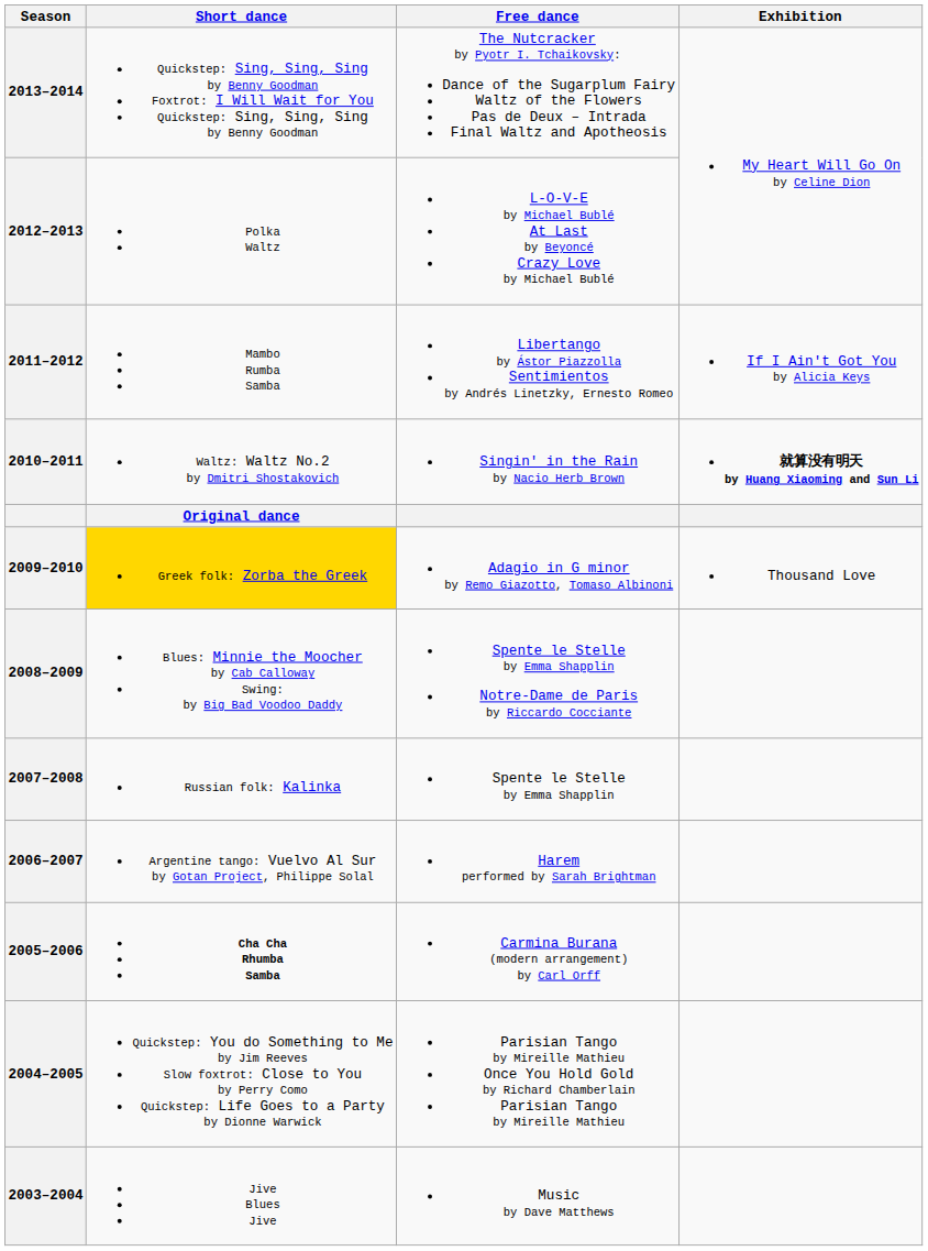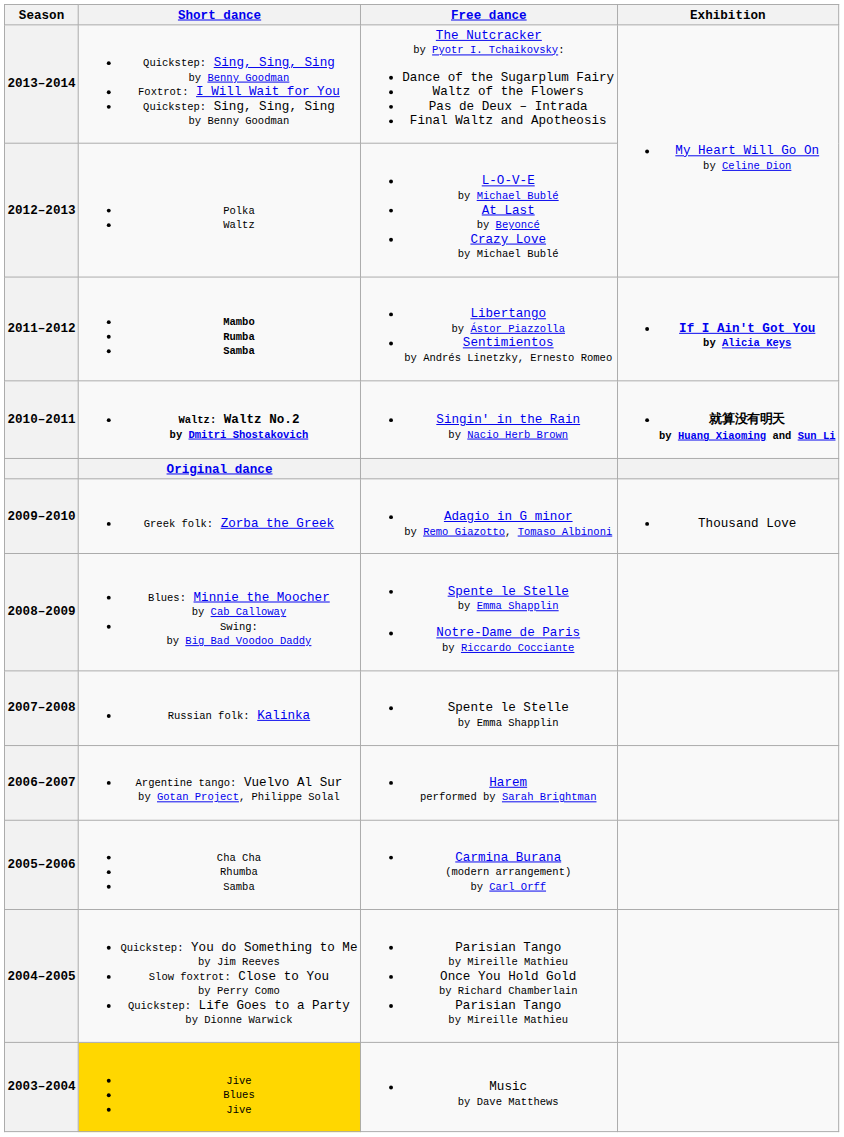 <table class="wikitable" style="text-align:center">
 <tr>
 <th>Season</th>
 <th><a href='#'>Short dance</a></th>
 <th><a href='#'>Free dance</a></th>
 <th>Exhibition</th>
 </tr>
 <tr>
 <th>2013–2014 <br> </th>
 <td><br><ul><li><small>Quickstep:</small> <a href='#'>Sing, Sing, Sing</a> <br><small> by <a href='#'>Benny Goodman</a> </small></li><li><small>Foxtrot:</small> <a href='#'>I Will Wait for You</a></li><li><small>Quickstep:</small> Sing, Sing, Sing <br><small> by Benny Goodman </small></li></ul></td>
 <td><a href='#'>The Nutcracker</a> <br><small> by <a href='#'>Pyotr I. Tchaikovsky</a>: </small><br><ul><li>Dance of the Sugarplum Fairy</li><li>Waltz of the Flowers</li><li>Pas de Deux – Intrada</li><li>Final Waltz and Apotheosis</li></ul></td>
 <td rowspan=2><br><ul><li><a href='#'>My Heart Will Go On</a> <br><small> by <a href='#'>Celine Dion</a> </small></li></ul></td>
 </tr>
 <tr>
 <th>2012–2013 <br> </th>
 <td><br><ul><li><small>Polka</small></li><li><small>Waltz</small></li></ul></td>
 <td><br><ul><li><a href='#'>L-O-V-E</a> <br><small> by <a href='#'>Michael Bublé</a> </small></li><li><a href='#'>At Last</a> <br><small> by <a href='#'>Beyoncé</a> </small></li><li><a href='#'>Crazy Love</a> <br><small> by Michael Bublé </small></li></ul></td>
 </tr>
 <tr>
 <th>2011–2012 <br> </th>
-<td><br><ul><li><small>Mambo</small></li><li><small>Rumba</small></li><li><small>Samba</small></li></ul></td>
+<td><strong><br><ul><li><small>Mambo</small></li><li><small>Rumba</small></li><li><small>Samba</small></li></ul></strong></td>
 <td><br><ul><li><a href='#'>Libertango</a> <br><small> by <a href='#'>Ástor Piazzolla</a> </small></li><li><a href='#'>Sentimientos</a> <br><small> by Andrés Linetzky, Ernesto Romeo </small></li></ul></td>
-<td><br><ul><li><a href='#'>If I Ain't Got You</a> <br><small> by <a href='#'>Alicia Keys</a> </small></li></ul></td>
+<td><strong><br><ul><li><a href='#'>If I Ain't Got You</a> <br><small> by <a href='#'>Alicia Keys</a> </small></li></ul></strong></td>
 </tr>
 <tr>
 <th>2010–2011 <br> </th>
-<td><br><ul><li><small>Waltz:</small> Waltz No.2 <br><small> by <a href='#'>Dmitri Shostakovich</a> </small></li></ul></td>
+<td><strong><br><ul><li><small>Waltz:</small> Waltz No.2 <br><small> by <a href='#'>Dmitri Shostakovich</a> </small></li></ul></strong></td>
 <td><br><ul><li><a href='#'>Singin' in the Rain</a> <br><small> by <a href='#'>Nacio Herb Brown</a> </small></li></ul></td>
 <td><strong><br><ul><li>就算没有明天　<br><small> by <a href='#'>Huang Xiaoming</a> and <a href='#'>Sun Li</a> </small></li></ul></strong></td>
 </tr>
 <tr>
 <th></th>
 <th><a href='#'>Original dance</a></th>
 <th></th>
 <th></th>
 </tr>
 <tr>
 <th>2009–2010 <br> </th>
-<td style="background: gold;"><br><ul><li><small>Greek folk:</small> <a href='#'>Zorba the Greek</a></li></ul></td>
+<td><br><ul><li><small>Greek folk:</small> <a href='#'>Zorba the Greek</a></li></ul></td>
 <td><br><ul><li><a href='#'>Adagio in G minor</a> <br><small> by <a href='#'>Remo Giazotto</a>, <a href='#'>Tomaso Albinoni</a> </small></li></ul></td>
 <td><br><ul><li>Thousand Love</li></ul></td>
 </tr>
 <tr>
 <th>2008–2009 <br> </th>
 <td><br><ul><li><small>Blues:</small> <a href='#'>Minnie the Moocher</a> <br><small> by <a href='#'>Cab Calloway</a> </small></li><li><small>Swing:</small> <br><small> by <a href='#'>Big Bad Voodoo Daddy</a> </small></li></ul></td>
 <td><br><ul><li><a href='#'>Spente le Stelle</a> <br><small> by <a href='#'>Emma Shapplin</a> </small></li></ul><ul><li><a href='#'>Notre-Dame de Paris</a> <br><small> by <a href='#'>Riccardo Cocciante</a> </small></li></ul></td>
 <td></td>
 </tr>
 <tr>
 <th>2007–2008 <br> </th>
 <td><br><ul><li><small>Russian folk:</small> <a href='#'>Kalinka</a></li></ul></td>
 <td><br><ul><li>Spente le Stelle <br><small> by Emma Shapplin </small></li></ul></td>
 <td></td>
 </tr>
 <tr>
 <th>2006–2007 <br> </th>
 <td><br><ul><li><small>Argentine tango:</small> Vuelvo Al Sur <br><small> by <a href='#'>Gotan Project</a>, Philippe Solal </small></li></ul></td>
 <td><br><ul><li><a href='#'>Harem</a> <br><small> performed by <a href='#'>Sarah Brightman</a> </small></li></ul></td>
 <td></td>
 </tr>
 <tr>
 <th>2005–2006 <br> </th>
-<td><strong><br><ul><li><small>Cha Cha</small></li><li><small>Rhumba</small></li><li><small>Samba</small></li></ul></strong></td>
+<td><br><ul><li><small>Cha Cha</small></li><li><small>Rhumba</small></li><li><small>Samba</small></li></ul></td>
 <td><br><ul><li><a href='#'>Carmina Burana</a> <br><small> (modern arrangement) <br> by <a href='#'>Carl Orff</a> </small></li></ul></td>
 <td></td>
 </tr>
 <tr>
 <th>2004–2005 <br> </th>
 <td><br><ul><li><small>Quickstep:</small> You do Something to Me <br><small> by Jim Reeves </small></li><li><small>Slow foxtrot:</small> Close to You <br><small> by Perry Como </small></li><li><small>Quickstep:</small> Life Goes to a Party <br><small> by Dionne Warwick </small></li></ul></td>
 <td><br><ul><li>Parisian Tango <br><small> by Mireille Mathieu </small></li><li>Once You Hold Gold <br><small> by Richard Chamberlain </small></li><li>Parisian Tango <br><small> by Mireille Mathieu </small></li></ul></td>
 <td></td>
 </tr>
 <tr>
 <th>2003–2004 <br> </th>
-<td><br><ul><li><small>Jive</small></li><li><small>Blues</small></li><li><small>Jive</small></li></ul></td>
+<td style="background: gold;"><br><ul><li><small>Jive</small></li><li><small>Blues</small></li><li><small>Jive</small></li></ul></td>
 <td><br><ul><li>Music <br><small> by Dave Matthews </small></li></ul></td>
 <td></td>
 </tr>
 </table>
